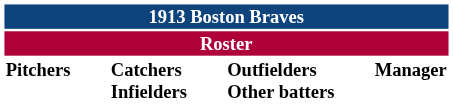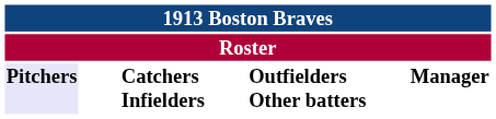 <table class="toccolours" style="font-size: 95%;">
 <tr>
 <th colspan="10" style="background-color: #0f437c; color: white; text-align: center;">1913 Boston Braves</th>
 </tr>
 <tr>
 <td colspan="10" style="background-color: #af0039; color: white; text-align: center;"><strong>Roster</strong></td>
 </tr>
 <tr>
-<td valign="top"><strong>Pitchers</strong><br>            </td>
+<td valign="top" style="background: lavender;"><strong>Pitchers</strong><br>            </td>
 <td width="25px"></td>
 <td valign="top"><strong>Catchers</strong><br>      <strong>Infielders</strong>            </td>
 <td width="25px"></td>
 <td valign="top"><strong>Outfielders</strong><br>             <strong>Other batters</strong>  </td>
 <td width="25px"></td>
 <td valign="top"><strong>Manager</strong><br></td>
 </tr>
 </table>
